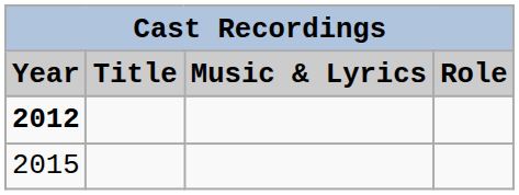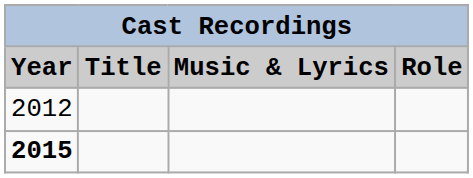 <table class="wikitable">
 <tr>
 <th colspan=5 style="background:#B0C4DE;">Cast Recordings</th>
 </tr>
 <tr>
 <th style="background:#ccc;">Year</th>
 <th style="background:#ccc;">Title</th>
 <th style="background:#ccc;">Music & Lyrics</th>
 <th style="background:#ccc;">Role</th>
 </tr>
 <tr>
-<td style="text-align: center;"><strong>2012</strong></td>
+<td style="text-align: center;">2012</td>
 <td></td>
 <td></td>
 <td></td>
 </tr>
 <tr>
-<td style="text-align: center;">2015</td>
+<td style="text-align: center;"><strong>2015</strong></td>
 <td></td>
 <td></td>
 <td></td>
 </tr>
 </table>
